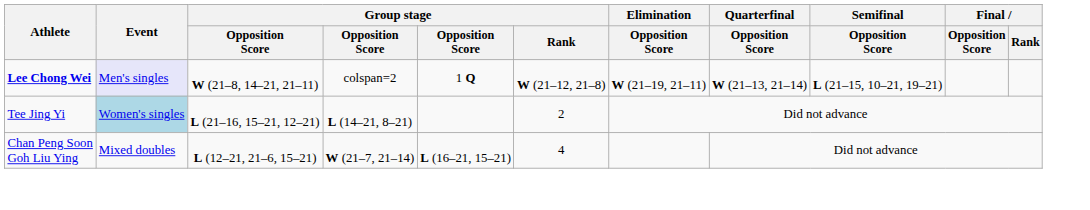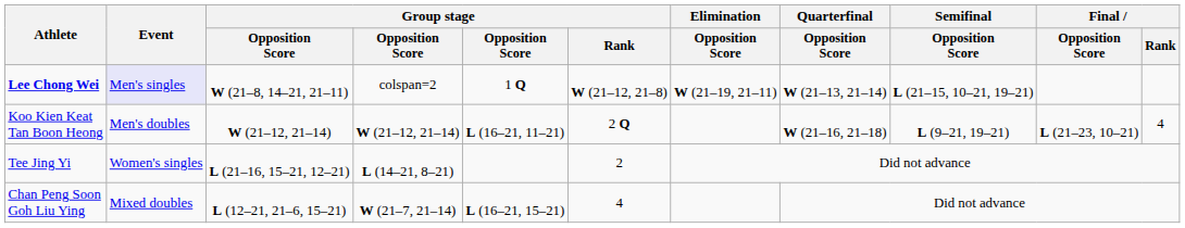 <table class="wikitable" style="font-size:90%">
 <tr>
 <th rowspan=2>Athlete</th>
 <th rowspan=2>Event</th>
 <th colspan=4>Group stage</th>
 <th>Elimination</th>
 <th>Quarterfinal</th>
 <th>Semifinal</th>
 <th colspan=2>Final / </th>
 </tr>
 <tr style="font-size:95%">
 <th>Opposition<br>Score</th>
 <th>Opposition<br>Score</th>
 <th>Opposition<br>Score</th>
 <th>Rank</th>
 <th>Opposition<br>Score</th>
 <th>Opposition<br>Score</th>
 <th>Opposition<br>Score</th>
 <th>Opposition<br>Score</th>
 <th>Rank</th>
 </tr>
 <tr align=center>
 <td align=left><strong><a href='#'>Lee Chong Wei</a></strong></td>
 <td align=left style="background: lavender;"><a href='#'>Men's singles</a></td>
 <td> <br><strong>W</strong> (21–8, 14–21, 21–11)</td>
 <td>colspan=2 </td>
 <td>1 <strong>Q</strong></td>
 <td> <br><strong>W</strong> (21–12, 21–8)</td>
 <td><br><strong>W</strong> (21–19, 21–11)</td>
 <td><br><strong>W</strong> (21–13, 21–14)</td>
 <td><br><strong>L</strong> (21–15, 10–21, 19–21)</td>
 <td></td>
 </tr>
 <tr align=center>
+<td align=left><a href='#'>Koo Kien Keat</a><br><a href='#'>Tan Boon Heong</a></td>
+<td align=left><a href='#'>Men's doubles</a></td>
+<td><br><strong>W</strong> (21–12, 21–14)</td>
+<td><br><strong>W</strong> (21–12, 21–14)</td>
+<td><br><strong>L</strong> (16–21, 11–21)</td>
+<td>2 <strong>Q</strong></td>
+<td></td>
+<td><br><strong>W</strong> (21–16, 21–18)</td>
+<td><br><strong>L</strong> (9–21, 19–21)</td>
+<td><br><strong>L</strong> (21–23, 10–21)</td>
+<td>4</td>
+</tr>
+<tr align=center>
 <td align=left><a href='#'>Tee Jing Yi</a></td>
-<td align=left style="background: lightblue;"><a href='#'>Women's singles</a></td>
+<td align=left><a href='#'>Women's singles</a></td>
 <td><br><strong>L</strong> (21–16, 15–21, 12–21)</td>
 <td><br><strong>L</strong> (14–21, 8–21)</td>
 <td></td>
 <td>2</td>
 <td colspan=5>Did not advance</td>
 </tr>
 <tr align=center>
 <td align=left><a href='#'>Chan Peng Soon</a><br><a href='#'>Goh Liu Ying</a></td>
 <td align=left><a href='#'>Mixed doubles</a></td>
 <td><br><strong>L</strong> (12–21, 21–6, 15–21)</td>
 <td> <br><strong>W</strong> (21–7, 21–14)</td>
 <td><br><strong>L</strong> (16–21, 15–21)</td>
 <td>4</td>
 <td></td>
 <td colspan=4>Did not advance</td>
 </tr>
 </table>
